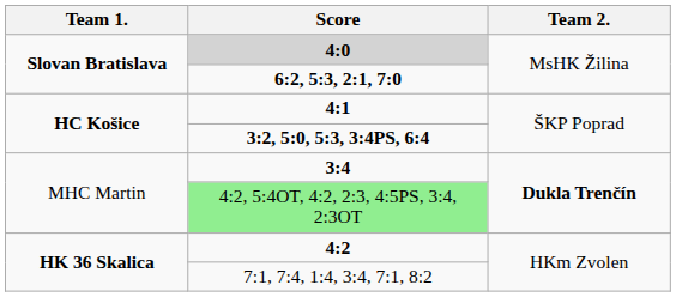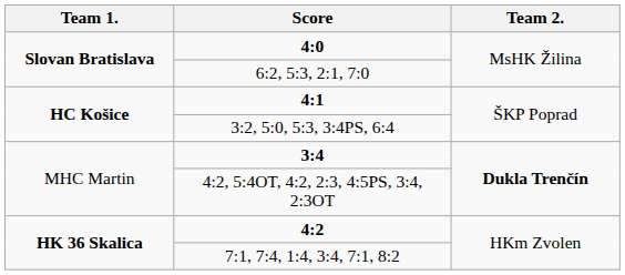 <table class="wikitable" style="text-align: center;">
 <tr>
 <th width="150"><strong>Team 1.</strong></th>
 <th width="250"><strong>Score</strong></th>
 <th width="150"><strong>Team 2.</strong></th>
 </tr>
 <tr>
 <td rowspan="2" valign="left"><strong>Slovan Bratislava</strong></td>
-<td style="background: lightgrey;"><strong>4:0</strong></td>
+<td><strong>4:0</strong></td>
 <td rowspan="2" valign="left">MsHK Žilina</td>
 </tr>
 <tr>
-<td><strong>6:2, 5:3, 2:1, 7:0</strong></td>
+<td>6:2, 5:3, 2:1, 7:0</td>
 </tr>
 <tr>
 <td rowspan="2" valign="left"><strong>HC Košice</strong></td>
 <td><strong>4:1</strong></td>
 <td rowspan="2" valign="left">ŠKP Poprad</td>
 </tr>
 <tr>
-<td><strong>3:2, 5:0, 5:3, 3:4PS, 6:4</strong></td>
+<td>3:2, 5:0, 5:3, 3:4PS, 6:4</td>
 </tr>
 <tr>
 <td rowspan="2" valign="left">MHC Martin</td>
 <td><strong>3:4</strong></td>
 <td rowspan="2" valign="left"><strong>Dukla Trenčín</strong></td>
 </tr>
 <tr>
-<td style="background: lightgreen;">4:2, 5:4OT, 4:2, 2:3, 4:5PS, 3:4, 2:3OT</td>
+<td>4:2, 5:4OT, 4:2, 2:3, 4:5PS, 3:4, 2:3OT</td>
 </tr>
 <tr>
 <td rowspan="2" valign="left"><strong>HK 36 Skalica</strong></td>
 <td><strong>4:2</strong></td>
 <td rowspan="2" valign="left">HKm Zvolen</td>
 </tr>
 <tr>
 <td>7:1, 7:4, 1:4, 3:4, 7:1, 8:2</td>
 </tr>
 </table>
